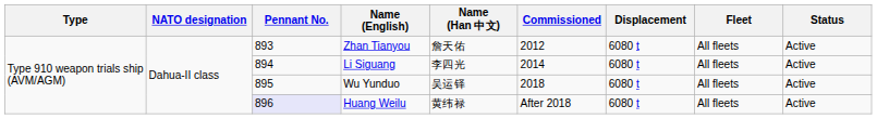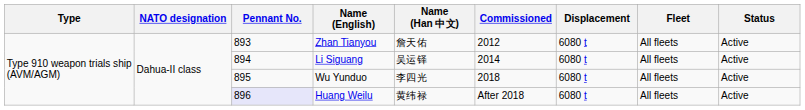 <table class="wikitable sortable"  style="margin:auto; width:100%;">
 <tr>
 <th style="text-align:center; width:16%;">Type</th>
 <th style="text-align:center; width:12%;"><a href='#'>NATO designation</a></th>
 <th style="text-align:center; width:10%;"><a href='#'>Pennant No.</a></th>
 <th style="text-align:center; width:10%;">Name<br>(English)</th>
 <th style="text-align:center; width:10%;">Name<br>(Han 中文)</th>
 <th style="text-align:center; width:10%;"><a href='#'>Commissioned</a></th>
 <th style="text-align:center; width:10%;">Displacement</th>
 <th style="text-align:center; width:10%;">Fleet</th>
 <th style="text-align:center; width:10%;">Status</th>
 </tr>
 <tr>
 <td rowspan="4">Type 910 weapon trials ship (AVM/AGM)</td>
 <td rowspan="4">Dahua-II class</td>
 <td>893</td>
 <td><a href='#'>Zhan Tianyou</a></td>
 <td>詹天佑</td>
 <td>2012</td>
 <td>6080 <a href='#'>t</a></td>
 <td>All fleets</td>
 <td><span>Active</span></td>
 </tr>
 <tr>
 <td>894</td>
 <td><a href='#'>Li Siguang</a></td>
-<td>李四光</td>
+<td>吴运铎</td>
 <td>2014</td>
 <td>6080 <a href='#'>t</a></td>
 <td>All fleets</td>
 <td><span>Active</span></td>
 </tr>
 <tr>
 <td>895</td>
 <td>Wu Yunduo</td>
-<td>吴运铎</td>
+<td>李四光</td>
 <td>2018</td>
 <td>6080 <a href='#'>t</a></td>
 <td>All fleets</td>
 <td><span>Active</span></td>
 </tr>
 <tr>
 <td style="background: lavender;">896</td>
 <td><a href='#'>Huang Weilu</a></td>
 <td>黄纬禄</td>
 <td>After 2018</td>
 <td>6080 <a href='#'>t</a></td>
 <td>All fleets</td>
 <td><span>Active</span></td>
 </tr>
 </table>
